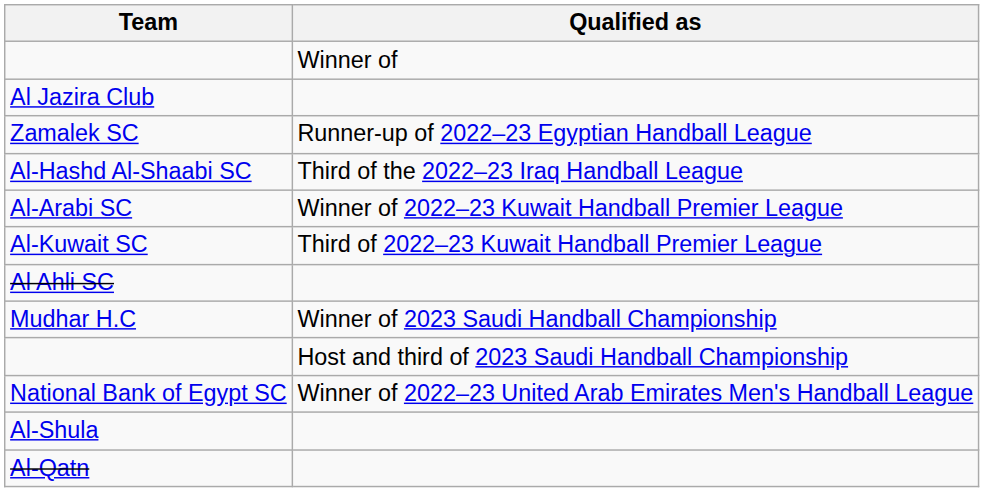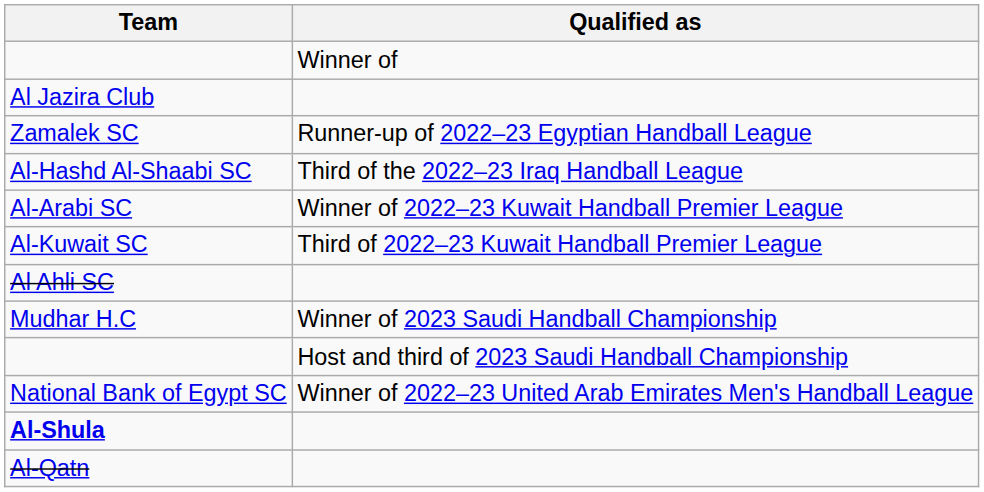 <table class="wikitable">
 <tr>
 <th>Team</th>
 <th>Qualified as</th>
 </tr>
 <tr>
 <td> </td>
 <td>Winner of </td>
 </tr>
 <tr>
 <td> <a href='#'>Al Jazira Club</a></td>
 <td></td>
 </tr>
 <tr>
 <td> <a href='#'>Zamalek SC</a></td>
 <td>Runner-up of <a href='#'>2022–23 Egyptian Handball League</a></td>
 </tr>
 <tr>
 <td> <a href='#'>Al-Hashd Al-Shaabi SC</a></td>
 <td>Third of the <a href='#'>2022–23 Iraq Handball League</a></td>
 </tr>
 <tr>
 <td> <a href='#'>Al-Arabi SC</a></td>
 <td>Winner of <a href='#'>2022–23 Kuwait Handball Premier League</a></td>
 </tr>
 <tr>
 <td> <a href='#'>Al-Kuwait SC</a></td>
 <td>Third of <a href='#'>2022–23 Kuwait Handball Premier League</a></td>
 </tr>
 <tr>
 <td><s> <a href='#'>Al Ahli SC</a></s></td>
 <td></td>
 </tr>
 <tr>
 <td> <a href='#'>Mudhar H.C</a></td>
 <td>Winner of <a href='#'>2023 Saudi Handball Championship</a></td>
 </tr>
 <tr>
 <td> </td>
 <td>Host and third of <a href='#'>2023 Saudi Handball Championship</a></td>
 </tr>
 <tr>
 <td> <a href='#'>National Bank of Egypt SC</a></td>
 <td>Winner of <a href='#'>2022–23 United Arab Emirates Men's Handball League</a></td>
 </tr>
 <tr>
-<td> <a href='#'>Al-Shula</a></td>
+<td><strong> <a href='#'>Al-Shula</a></strong></td>
 <td></td>
 </tr>
 <tr>
 <td><s> <a href='#'>Al-Qatn</a></s></td>
 <td></td>
 </tr>
 </table>
